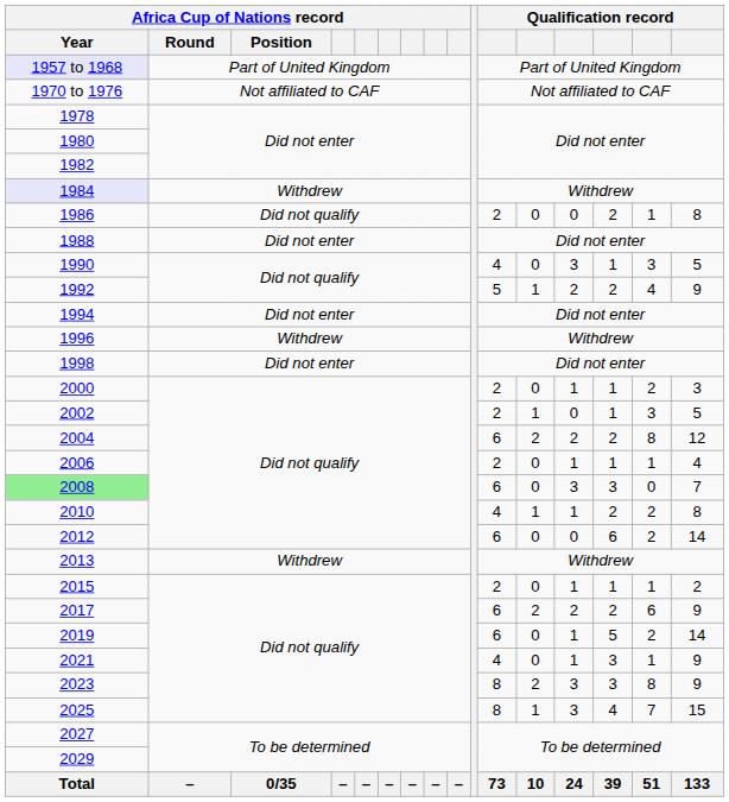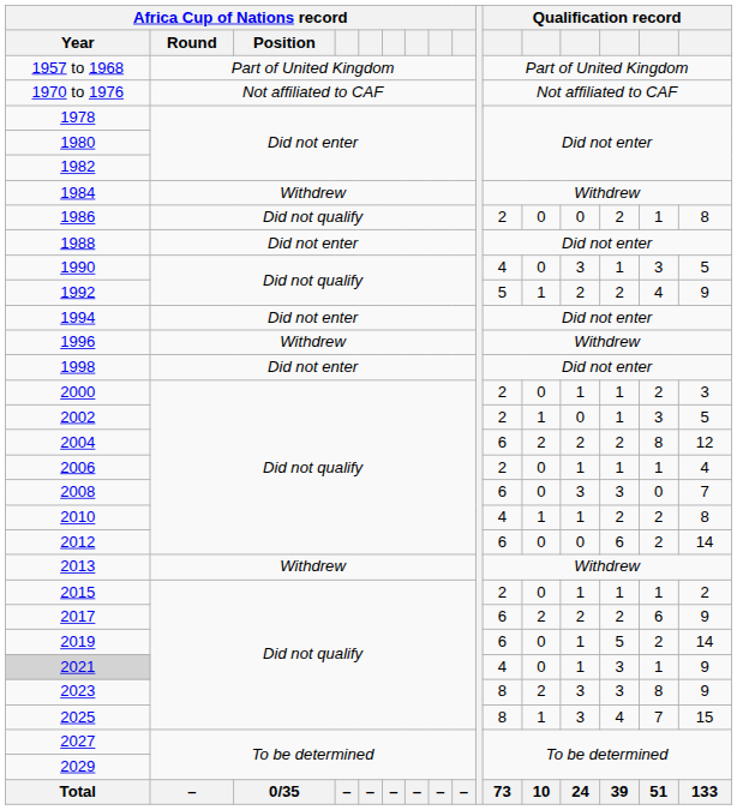 <table class="wikitable" style="text-align: center;">
 <tr>
 <th colspan=9><a href='#'>Africa Cup of Nations</a> record</th>
 <th rowspan="32" width="1%"></th>
 <th colspan=6>Qualification record</th>
 </tr>
 <tr>
 <th>Year</th>
 <th>Round</th>
 <th>Position</th>
 <th></th>
 <th></th>
 <th></th>
 <th></th>
 <th></th>
 <th></th>
 <th></th>
 <th></th>
 <th></th>
 <th></th>
 <th></th>
 <th></th>
 </tr>
 <tr>
-<td style="background: lavender;"> <a href='#'>1957</a> to  <a href='#'>1968</a></td>
+<td> <a href='#'>1957</a> to  <a href='#'>1968</a></td>
 <td colspan="8"><em>Part of United Kingdom</em></td>
 <td colspan="6"><em>Part of United Kingdom</em></td>
 </tr>
 <tr>
 <td> <a href='#'>1970</a> to  <a href='#'>1976</a></td>
 <td colspan="8"><em>Not affiliated to CAF</em></td>
 <td colspan="6"><em>Not affiliated to CAF</em></td>
 </tr>
 <tr>
 <td> <a href='#'>1978</a></td>
 <td colspan="8" rowspan=3><em>Did not enter</em></td>
 <td colspan="6" rowspan=3><em>Did not enter</em></td>
 </tr>
 <tr>
 <td> <a href='#'>1980</a></td>
 </tr>
 <tr>
 <td> <a href='#'>1982</a></td>
 </tr>
 <tr>
-<td style="background: lavender;"> <a href='#'>1984</a></td>
+<td> <a href='#'>1984</a></td>
 <td colspan="8"><em>Withdrew</em></td>
 <td colspan="6"><em>Withdrew</em></td>
 </tr>
 <tr>
 <td> <a href='#'>1986</a></td>
 <td colspan="8"><em>Did not qualify</em></td>
 <td>2</td>
 <td>0</td>
 <td>0</td>
 <td>2</td>
 <td>1</td>
 <td>8</td>
 </tr>
 <tr>
 <td> <a href='#'>1988</a></td>
 <td colspan="8"><em>Did not enter</em></td>
 <td colspan="6"><em>Did not enter</em></td>
 </tr>
 <tr>
 <td> <a href='#'>1990</a></td>
 <td colspan="8" rowspan=2><em>Did not qualify</em></td>
 <td>4</td>
 <td>0</td>
 <td>3</td>
 <td>1</td>
 <td>3</td>
 <td>5</td>
 </tr>
 <tr>
 <td> <a href='#'>1992</a></td>
 <td>5</td>
 <td>1</td>
 <td>2</td>
 <td>2</td>
 <td>4</td>
 <td>9</td>
 </tr>
 <tr>
 <td> <a href='#'>1994</a></td>
 <td colspan="8"><em>Did not enter</em></td>
 <td colspan="6"><em>Did not enter</em></td>
 </tr>
 <tr>
 <td> <a href='#'>1996</a></td>
 <td colspan="8"><em>Withdrew</em></td>
 <td colspan="6"><em>Withdrew</em></td>
 </tr>
 <tr>
 <td> <a href='#'>1998</a></td>
 <td colspan="8"><em>Did not enter</em></td>
 <td colspan="6"><em>Did not enter</em></td>
 </tr>
 <tr>
 <td>  <a href='#'>2000</a></td>
 <td colspan="8" rowspan=7><em>Did not qualify</em></td>
 <td>2</td>
 <td>0</td>
 <td>1</td>
 <td>1</td>
 <td>2</td>
 <td>3</td>
 </tr>
 <tr>
 <td> <a href='#'>2002</a></td>
 <td>2</td>
 <td>1</td>
 <td>0</td>
 <td>1</td>
 <td>3</td>
 <td>5</td>
 </tr>
 <tr>
 <td> <a href='#'>2004</a></td>
 <td>6</td>
 <td>2</td>
 <td>2</td>
 <td>2</td>
 <td>8</td>
 <td>12</td>
 </tr>
 <tr>
 <td> <a href='#'>2006</a></td>
 <td>2</td>
 <td>0</td>
 <td>1</td>
 <td>1</td>
 <td>1</td>
 <td>4</td>
 </tr>
 <tr>
-<td style="background: lightgreen;"> <a href='#'>2008</a></td>
+<td> <a href='#'>2008</a></td>
 <td>6</td>
 <td>0</td>
 <td>3</td>
 <td>3</td>
 <td>0</td>
 <td>7</td>
 </tr>
 <tr>
 <td> <a href='#'>2010</a></td>
 <td>4</td>
 <td>1</td>
 <td>1</td>
 <td>2</td>
 <td>2</td>
 <td>8</td>
 </tr>
 <tr>
 <td>  <a href='#'>2012</a></td>
 <td>6</td>
 <td>0</td>
 <td>0</td>
 <td>6</td>
 <td>2</td>
 <td>14</td>
 </tr>
 <tr>
 <td> <a href='#'>2013</a></td>
 <td colspan="8"><em>Withdrew</em></td>
 <td colspan="6"><em>Withdrew</em></td>
 </tr>
 <tr>
 <td> <a href='#'>2015</a></td>
 <td colspan=8 rowspan=6><em>Did not qualify</em></td>
 <td>2</td>
 <td>0</td>
 <td>1</td>
 <td>1</td>
 <td>1</td>
 <td>2</td>
 </tr>
 <tr>
 <td> <a href='#'>2017</a></td>
 <td>6</td>
 <td>2</td>
 <td>2</td>
 <td>2</td>
 <td>6</td>
 <td>9</td>
 </tr>
 <tr>
 <td> <a href='#'>2019</a></td>
 <td>6</td>
 <td>0</td>
 <td>1</td>
 <td>5</td>
 <td>2</td>
 <td>14</td>
 </tr>
 <tr>
-<td> <a href='#'>2021</a></td>
+<td style="background: lightgrey;"> <a href='#'>2021</a></td>
 <td>4</td>
 <td>0</td>
 <td>1</td>
 <td>3</td>
 <td>1</td>
 <td>9</td>
 </tr>
 <tr>
 <td> <a href='#'>2023</a></td>
 <td>8</td>
 <td>2</td>
 <td>3</td>
 <td>3</td>
 <td>8</td>
 <td>9</td>
 </tr>
 <tr>
 <td> <a href='#'>2025</a></td>
 <td>8</td>
 <td>1</td>
 <td>3</td>
 <td>4</td>
 <td>7</td>
 <td>15</td>
 </tr>
 <tr>
 <td>   <a href='#'>2027</a></td>
 <td colspan="8" rowspan="2"><em>To be determined</em></td>
 <td colspan="6" rowspan="2"><em>To be determined</em></td>
 </tr>
 <tr>
 <td> <a href='#'>2029</a></td>
 </tr>
 <tr>
 <th>Total</th>
 <th>–</th>
 <th>0/35</th>
 <th>–</th>
 <th>–</th>
 <th>–</th>
 <th>–</th>
 <th>–</th>
 <th>–</th>
 <th>73</th>
 <th>10</th>
 <th>24</th>
 <th>39</th>
 <th>51</th>
 <th>133</th>
 </tr>
 </table>
